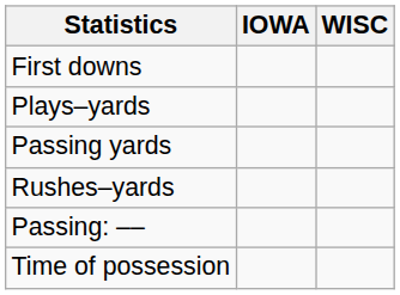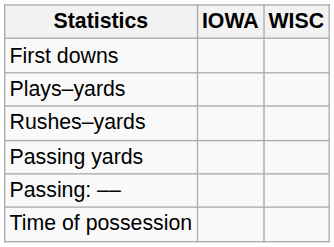 <table class="wikitable" style="float:left">
 <tr>
 <th>Statistics</th>
 <th>IOWA</th>
 <th>WISC</th>
 </tr>
 <tr>
 <td>First downs</td>
 <td></td>
 <td></td>
 </tr>
 <tr>
 <td>Plays–yards</td>
 <td></td>
 <td></td>
 </tr>
 <tr>
-<td>Passing yards</td>
+<td>Rushes–yards</td>
 <td></td>
 <td></td>
 </tr>
 <tr>
-<td>Rushes–yards</td>
+<td>Passing yards</td>
 <td></td>
 <td></td>
 </tr>
 <tr>
 <td>Passing: ––</td>
 <td></td>
 <td></td>
 </tr>
 <tr>
 <td>Time of possession</td>
 <td></td>
 <td></td>
 </tr>
 </table>
